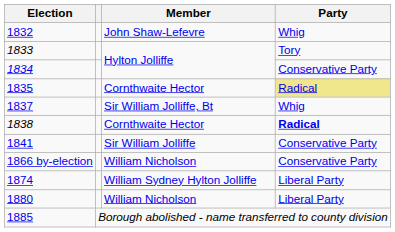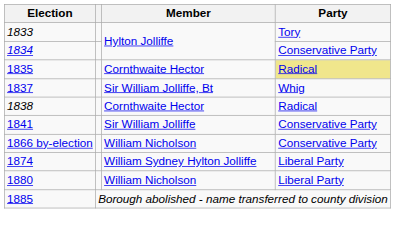 <table class="wikitable">
 <tr>
 <th>Election</th>
 <th></th>
 <th>Member</th>
 <th>Party</th>
-</tr>
-<tr>
-<td><a href='#'>1832</a></td>
-<td style="color:inherit;background-color: "></td>
-<td><a href='#'>John Shaw-Lefevre</a></td>
-<td><a href='#'>Whig</a></td>
 </tr>
 <tr>
 <td><em>1833</em> </td>
 <td style="color:inherit;background-color: "></td>
 <td rowspan="2"><a href='#'>Hylton Jolliffe</a></td>
 <td><a href='#'>Tory</a></td>
 </tr>
 <tr>
 <td><em><a href='#'>1834</a></em></td>
 <td style="color:inherit;background-color: "></td>
 <td><a href='#'>Conservative Party</a></td>
 </tr>
 <tr>
 <td><a href='#'>1835</a></td>
 <td style="color:inherit;background-color: "></td>
 <td><a href='#'>Cornthwaite Hector</a></td>
 <td style="background: khaki;"><a href='#'>Radical</a></td>
 </tr>
 <tr>
 <td><a href='#'>1837</a></td>
 <td style="color:inherit;background-color: "></td>
 <td><a href='#'>Sir William Jolliffe, Bt</a></td>
 <td><a href='#'>Whig</a></td>
 </tr>
 <tr>
 <td><em>1838</em> </td>
 <td style="color:inherit;background-color: "></td>
 <td><a href='#'>Cornthwaite Hector</a></td>
-<td><strong><a href='#'>Radical</a></strong></td>
+<td><a href='#'>Radical</a></td>
 </tr>
 <tr>
 <td><a href='#'>1841</a></td>
 <td style="color:inherit;background-color: "></td>
 <td><a href='#'>Sir William Jolliffe</a></td>
 <td><a href='#'>Conservative Party</a></td>
 </tr>
 <tr>
 <td><a href='#'>1866 by-election</a></td>
 <td style="color:inherit;background-color: "></td>
 <td><a href='#'>William Nicholson</a></td>
 <td><a href='#'>Conservative Party</a></td>
 </tr>
 <tr>
 <td><a href='#'>1874</a></td>
 <td style="color:inherit;background-color: "></td>
 <td><a href='#'>William Sydney Hylton Jolliffe</a></td>
 <td><a href='#'>Liberal Party</a></td>
 </tr>
 <tr>
 <td><a href='#'>1880</a></td>
 <td style="color:inherit;background-color: "></td>
 <td><a href='#'>William Nicholson</a></td>
 <td><a href='#'>Liberal Party</a></td>
 </tr>
 <tr>
 <td><a href='#'>1885</a></td>
 <td colspan="3"><em>Borough abolished - name transferred to county division</em></td>
 </tr>
 </table>
